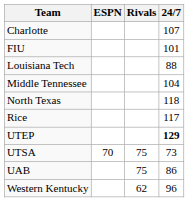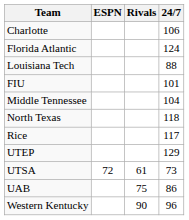 <table class="wikitable">
 <tr>
 <th>Team</th>
 <th>ESPN</th>
 <th>Rivals</th>
 <th>24/7</th>
 </tr>
 <tr>
 <td>Charlotte</td>
 <td style="text-align:center; background:white"></td>
 <td style="text-align:center; background:white"></td>
-<td style="text-align:center; background:white">107</td>
+<td style="text-align:center; background:white">106</td>
+</tr>
+<tr>
+<td>Florida Atlantic</td>
+<td style="text-align:center; background:white"></td>
+<td style="text-align:center; background:white"></td>
+<td style="text-align:center; background:white">124</td>
+</tr>
+<tr>
+<td>Louisiana Tech</td>
+<td style="text-align:center; background:white"></td>
+<td style="text-align:center; background:white"></td>
+<td style="text-align:center; background:white">88</td>
 </tr>
 <tr>
 <td>FIU</td>
 <td style="text-align:center; background:white"></td>
 <td style="text-align:center; background:white"></td>
 <td style="text-align:center; background:white">101</td>
-</tr>
-<tr>
-<td>Louisiana Tech</td>
-<td style="text-align:center; background:white"></td>
-<td style="text-align:center; background:white"></td>
-<td style="text-align:center; background:white">88</td>
 </tr>
 <tr>
 <td>Middle Tennessee</td>
 <td style="text-align:center; background:white"></td>
 <td style="text-align:center; background:white"></td>
 <td style="text-align:center; background:white">104</td>
 </tr>
 <tr>
 <td>North Texas</td>
 <td style="text-align:center; background:white"></td>
 <td style="text-align:center; background:white"></td>
 <td style="text-align:center; background:white">118</td>
 </tr>
 <tr>
 <td>Rice</td>
 <td style="text-align:center; background:white"></td>
 <td style="text-align:center; background:white"></td>
 <td style="text-align:center; background:white">117</td>
 </tr>
 <tr>
 <td>UTEP</td>
 <td style="text-align:center; background:white"></td>
 <td style="text-align:center; background:white"></td>
-<td style="text-align:center; background:white"><strong>129</strong></td>
+<td style="text-align:center; background:white">129</td>
 </tr>
 <tr>
 <td>UTSA</td>
-<td style="text-align:center; background:white">70</td>
-<td style="text-align:center; background:white">75</td>
+<td style="text-align:center; background:white">72</td>
+<td style="text-align:center; background:white">61</td>
 <td style="text-align:center; background:white">73</td>
 </tr>
 <tr>
 <td>UAB</td>
 <td style="text-align:center; background:white"></td>
 <td style="text-align:center; background:white">75</td>
 <td style="text-align:center; background:white">86</td>
 </tr>
 <tr>
 <td>Western Kentucky</td>
 <td style="text-align:center; background:white"></td>
-<td style="text-align:center; background:white">62</td>
+<td style="text-align:center; background:white">90</td>
 <td style="text-align:center; background:white">96</td>
 </tr>
 </table>
